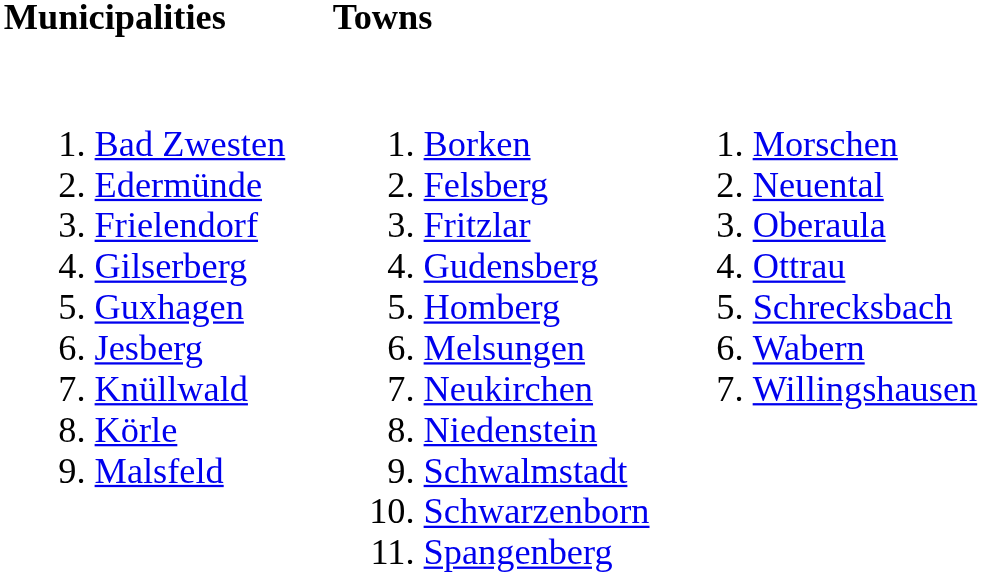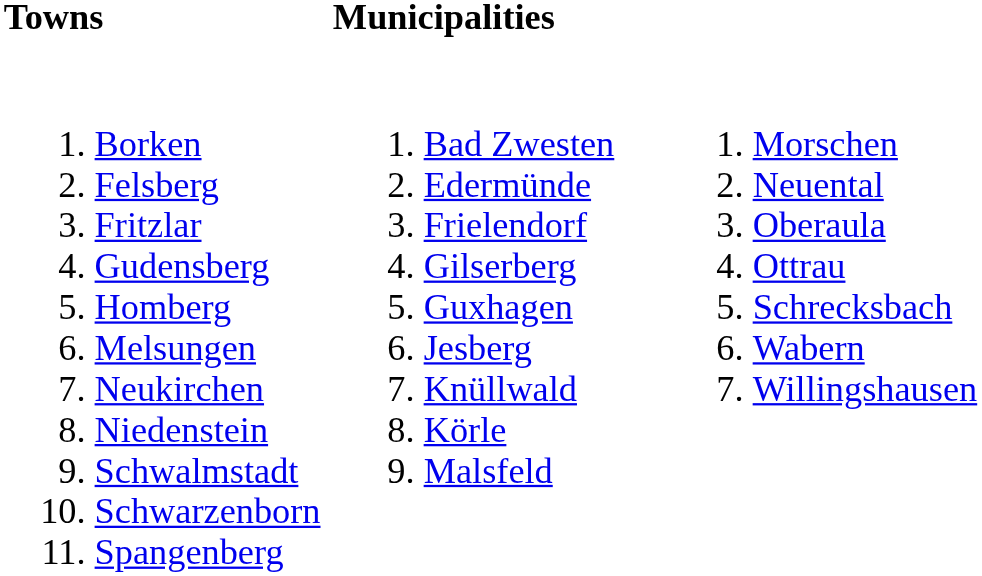 <table>
 <tr>
+<th align=left width=33%>Towns</th>
 <th align=left width=33%>Municipalities</th>
-<th align=left width=33%>Towns</th>
 <th align=left width=33%></th>
 </tr>
 <tr valign=top>
+<td><br><ol><li><a href='#'>Borken</a></li><li><a href='#'>Felsberg</a></li><li><a href='#'>Fritzlar</a></li><li><a href='#'>Gudensberg</a></li><li><a href='#'>Homberg</a></li><li><a href='#'>Melsungen</a></li><li><a href='#'>Neukirchen</a></li><li><a href='#'>Niedenstein</a></li><li><a href='#'>Schwalmstadt</a></li><li><a href='#'>Schwarzenborn</a></li><li><a href='#'>Spangenberg</a></li></ol></td>
 <td><br><ol><li><a href='#'>Bad Zwesten</a></li><li><a href='#'>Edermünde</a></li><li><a href='#'>Frielendorf</a></li><li><a href='#'>Gilserberg</a></li><li><a href='#'>Guxhagen</a></li><li><a href='#'>Jesberg</a></li><li><a href='#'>Knüllwald</a></li><li><a href='#'>Körle</a></li><li><a href='#'>Malsfeld</a></li></ol></td>
-<td><br><ol><li><a href='#'>Borken</a></li><li><a href='#'>Felsberg</a></li><li><a href='#'>Fritzlar</a></li><li><a href='#'>Gudensberg</a></li><li><a href='#'>Homberg</a></li><li><a href='#'>Melsungen</a></li><li><a href='#'>Neukirchen</a></li><li><a href='#'>Niedenstein</a></li><li><a href='#'>Schwalmstadt</a></li><li><a href='#'>Schwarzenborn</a></li><li><a href='#'>Spangenberg</a></li></ol></td>
 <td><br><ol> <li><a href='#'>Morschen</a> <li><a href='#'>Neuental</a> <li><a href='#'>Oberaula</a> <li><a href='#'>Ottrau</a> <li><a href='#'>Schrecksbach</a> <li><a href='#'>Wabern</a> <li><a href='#'>Willingshausen</a> </ol></td>
 </tr>
 </table>
